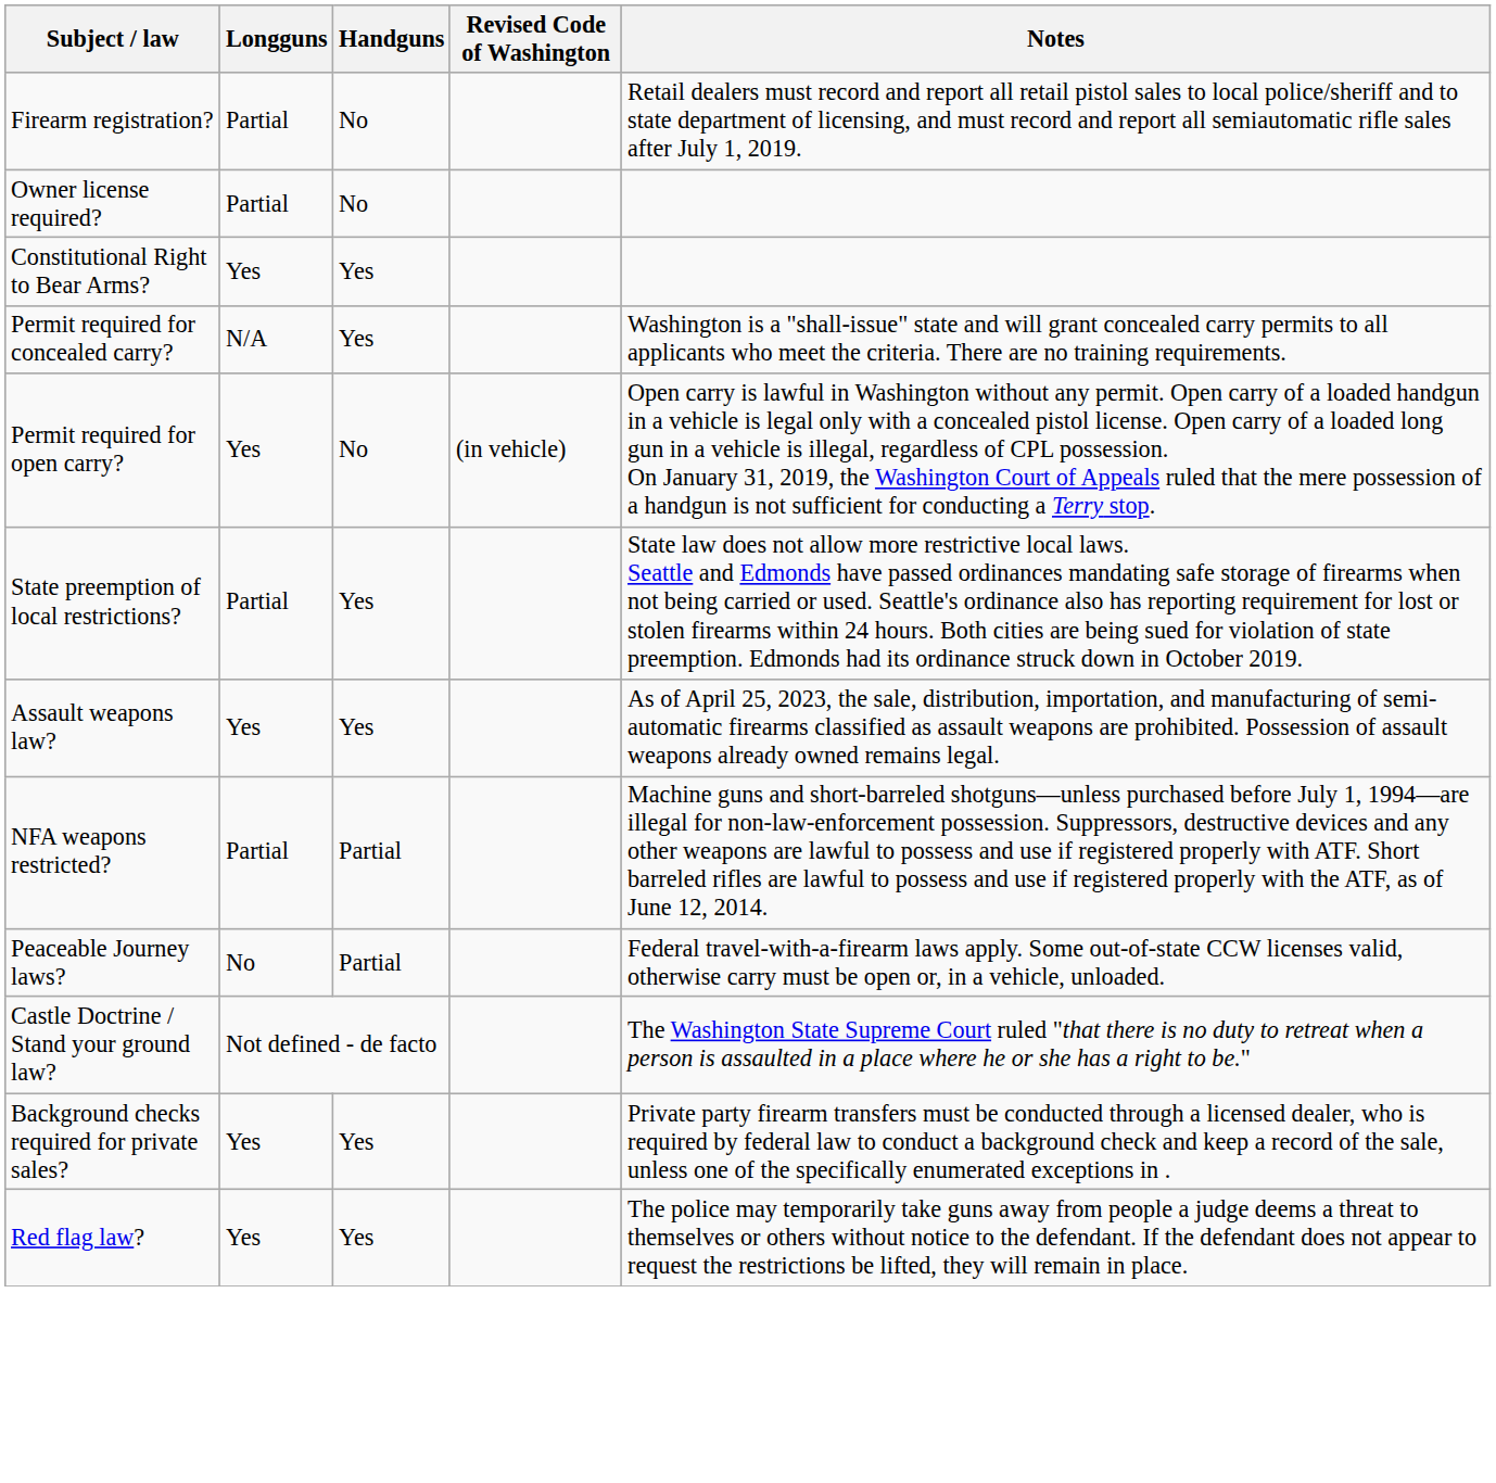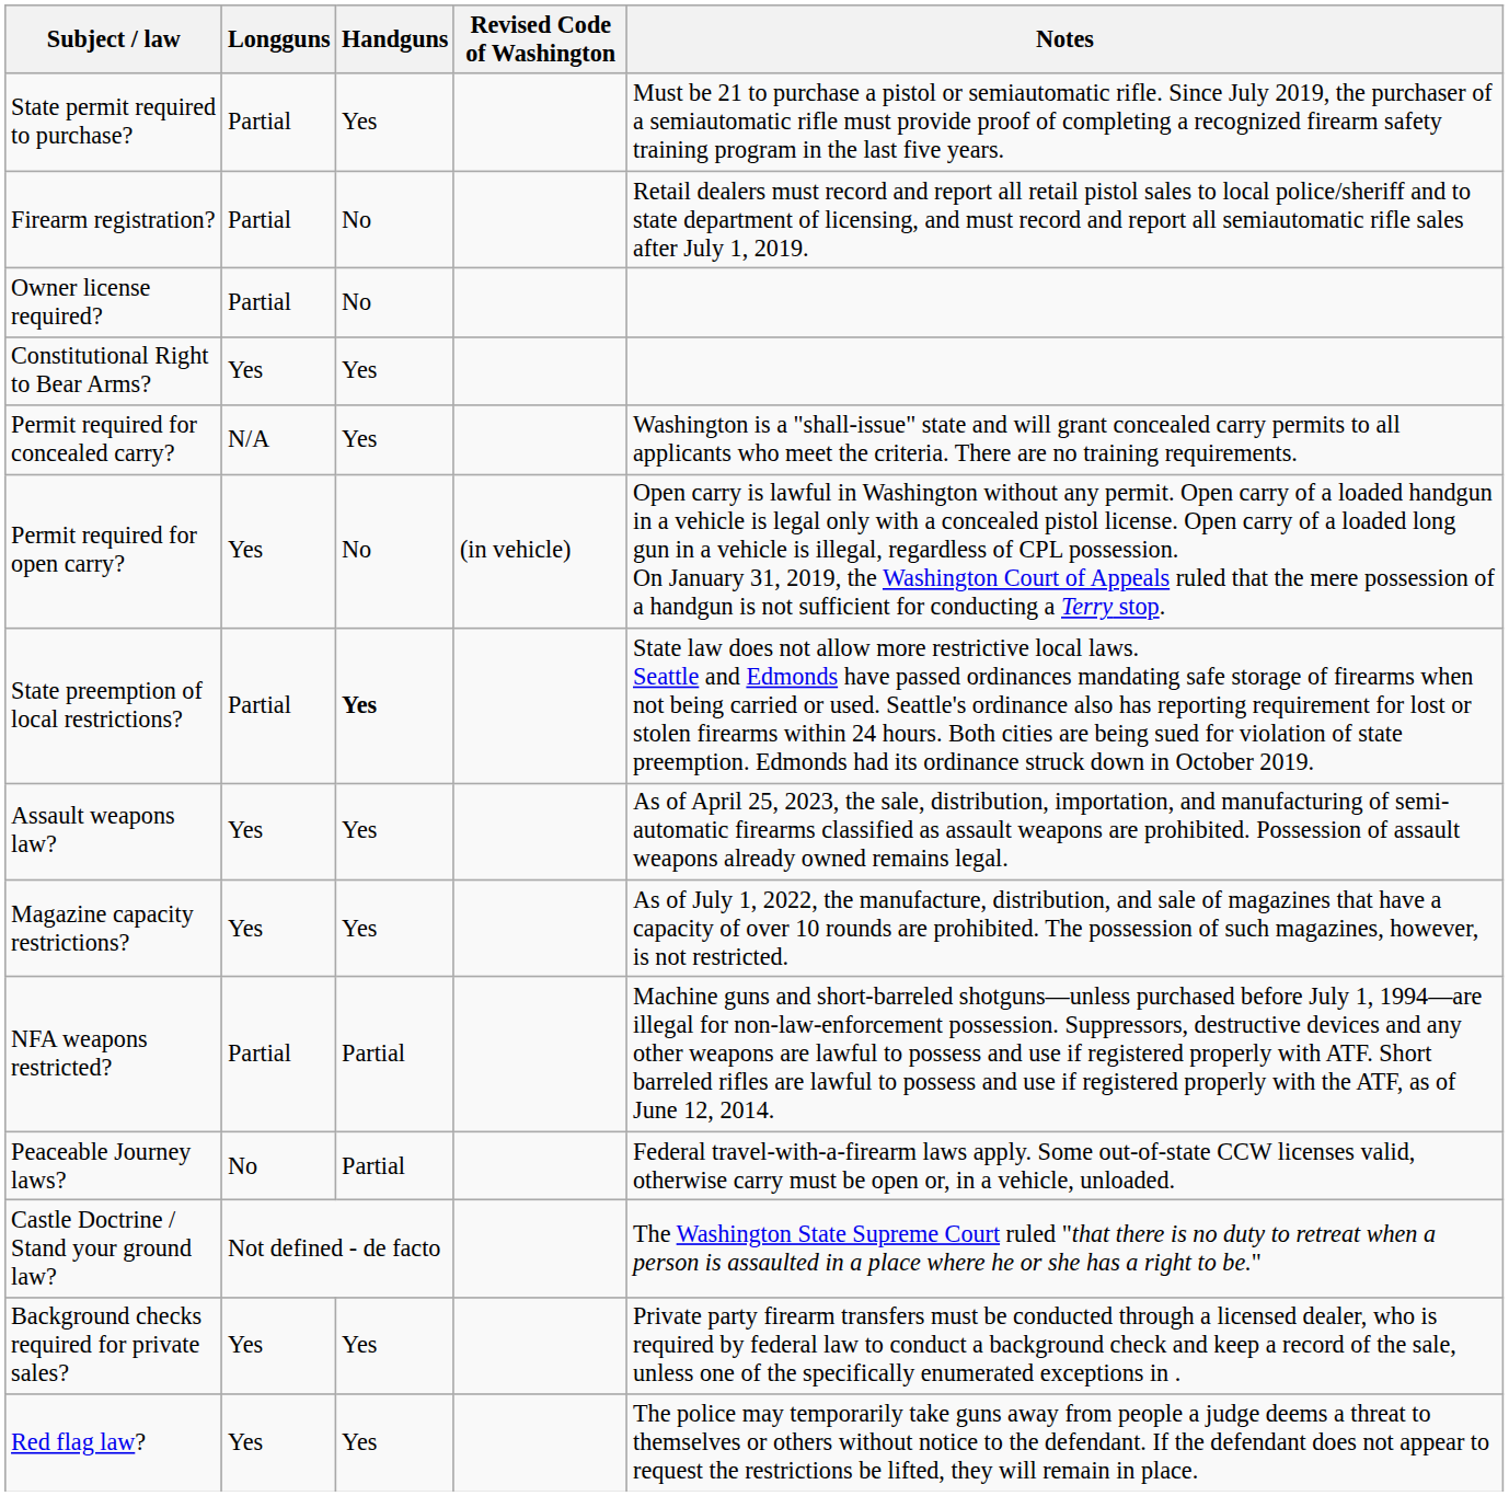 <table class="wikitable"  style="font-size:85%; width:95%;">
 <tr>
 <th>Subject / law</th>
 <th>Longguns</th>
 <th>Handguns</th>
 <th>Revised Code of Washington</th>
 <th>Notes</th>
+</tr>
+<tr>
+<td>State permit required to purchase?</td>
+<td>Partial</td>
+<td>Yes</td>
+<td></td>
+<td>Must be 21 to purchase a pistol or semiautomatic rifle.  Since July 2019, the purchaser of a semiautomatic rifle must provide proof of completing a recognized firearm safety training program in the last five years.</td>
 </tr>
 <tr>
 <td>Firearm registration?</td>
 <td>Partial</td>
 <td>No</td>
 <td></td>
 <td>Retail dealers must record and report all retail pistol sales to local police/sheriff and to state department of licensing, and must record and report all semiautomatic rifle sales after July 1, 2019.</td>
 </tr>
 <tr>
 <td>Owner license required?</td>
 <td>Partial</td>
 <td>No</td>
 <td></td>
 <td></td>
 </tr>
 <tr>
 <td>Constitutional Right to Bear Arms?</td>
 <td>Yes</td>
 <td>Yes</td>
 <td></td>
 <td></td>
 </tr>
 <tr>
 <td>Permit required for concealed carry?</td>
 <td>N/A</td>
 <td>Yes</td>
 <td></td>
 <td>Washington is a "shall-issue" state and will grant concealed carry permits to all applicants who meet the criteria. There are no training requirements.</td>
 </tr>
 <tr>
 <td>Permit required for open carry?</td>
 <td>Yes</td>
 <td>No</td>
 <td> (in vehicle)</td>
 <td>Open carry is lawful in Washington without any permit. Open carry of a loaded handgun in a vehicle is legal only with a concealed pistol license. Open carry of a loaded long gun in a vehicle is illegal, regardless of CPL possession.<br>On January 31, 2019, the <a href='#'>Washington Court of Appeals</a> ruled that the mere possession of a handgun is not sufficient for conducting a <a href='#'><em>Terry</em> stop</a>.</td>
 </tr>
 <tr>
 <td>State preemption of local restrictions?</td>
 <td>Partial</td>
-<td>Yes</td>
+<td><strong>Yes</strong></td>
 <td><br> </td>
 <td>State law does not allow more restrictive local laws.<br><a href='#'>Seattle</a> and <a href='#'>Edmonds</a> have passed ordinances mandating safe storage of firearms when not being carried or used. Seattle's ordinance also has reporting requirement for lost or stolen firearms within 24 hours. Both cities are being sued for violation of state preemption. Edmonds had its ordinance struck down in October 2019.</td>
 </tr>
 <tr>
 <td>Assault weapons law?</td>
 <td>Yes</td>
 <td>Yes</td>
 <td></td>
 <td>As of April 25, 2023, the sale, distribution, importation, and manufacturing of semi-automatic firearms classified as assault weapons are prohibited. Possession of assault weapons already owned remains legal.</td>
+</tr>
+<tr>
+<td>Magazine capacity restrictions?</td>
+<td>Yes</td>
+<td>Yes</td>
+<td></td>
+<td>As of July 1, 2022, the manufacture, distribution, and sale of magazines that have a capacity of over 10 rounds are prohibited. The possession of such magazines, however, is not restricted.</td>
 </tr>
 <tr>
 <td>NFA weapons restricted?</td>
 <td>Partial</td>
 <td>Partial</td>
 <td><br>   </td>
 <td>Machine guns and short-barreled shotguns—unless purchased before July 1, 1994—are illegal for non-law-enforcement possession. Suppressors, destructive devices and any other weapons are lawful to possess and use if registered properly with ATF. Short barreled rifles are lawful to possess and use if registered properly with the ATF, as of June 12, 2014.</td>
 </tr>
 <tr>
 <td>Peaceable Journey laws?</td>
 <td>No</td>
 <td>Partial</td>
 <td><br>   </td>
 <td>Federal travel-with-a-firearm laws apply. Some out-of-state CCW licenses valid, otherwise carry must be open or, in a vehicle, unloaded.</td>
 </tr>
 <tr>
 <td>Castle Doctrine / Stand your ground law?</td>
 <td colspan="2">Not defined - de facto</td>
 <td></td>
 <td>The <a href='#'>Washington State Supreme Court</a> ruled "<em>that there is no duty to retreat when a person is assaulted in a place where he or she has a right to be.</em>"</td>
 </tr>
 <tr>
 <td>Background checks required for private sales?</td>
 <td>Yes</td>
 <td>Yes</td>
 <td></td>
 <td>Private party firearm transfers must be conducted through a licensed dealer, who is required by federal law to conduct a background check and keep a record of the sale, unless one of the specifically enumerated exceptions in .</td>
 </tr>
 <tr>
 <td><a href='#'>Red flag law</a>?</td>
 <td>Yes</td>
 <td>Yes</td>
 <td></td>
 <td>The police may temporarily take guns away from people a judge deems a threat to themselves or others without notice to the defendant. If the defendant does not appear to request the restrictions be lifted, they will remain in place.</td>
 </tr>
 </table>
